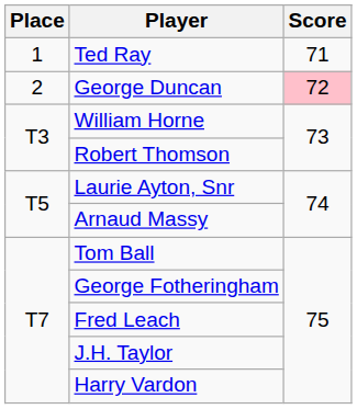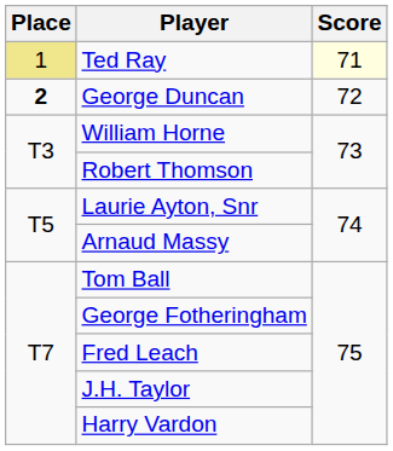 <table class=wikitable>
 <tr>
 <th>Place</th>
 <th>Player</th>
 <th>Score</th>
 </tr>
 <tr>
-<td align=center>1</td>
+<td align=center style="background: khaki;">1</td>
 <td> <a href='#'>Ted Ray</a></td>
-<td align=center>71</td>
+<td align=center style="background: lightyellow;">71</td>
 </tr>
 <tr>
-<td align=center>2</td>
+<td align=center><strong>2</strong></td>
 <td> <a href='#'>George Duncan</a></td>
-<td align=center style="background: pink;">72</td>
+<td align=center>72</td>
 </tr>
 <tr>
 <td rowspan=2 align=center>T3</td>
 <td> <a href='#'>William Horne</a></td>
 <td align=center rowspan=2>73</td>
 </tr>
 <tr>
 <td> <a href='#'>Robert Thomson</a></td>
 </tr>
 <tr>
 <td rowspan=2 align=center>T5</td>
 <td> <a href='#'>Laurie Ayton, Snr</a></td>
 <td align=center rowspan=2>74</td>
 </tr>
 <tr>
 <td> <a href='#'>Arnaud Massy</a></td>
 </tr>
 <tr>
 <td rowspan=5 align=center>T7</td>
 <td> <a href='#'>Tom Ball</a></td>
 <td align=center rowspan=5>75</td>
 </tr>
 <tr>
 <td> <a href='#'>George Fotheringham</a></td>
 </tr>
 <tr>
 <td> <a href='#'>Fred Leach</a></td>
 </tr>
 <tr>
 <td> <a href='#'>J.H. Taylor</a></td>
 </tr>
 <tr>
 <td> <a href='#'>Harry Vardon</a></td>
 </tr>
 </table>
